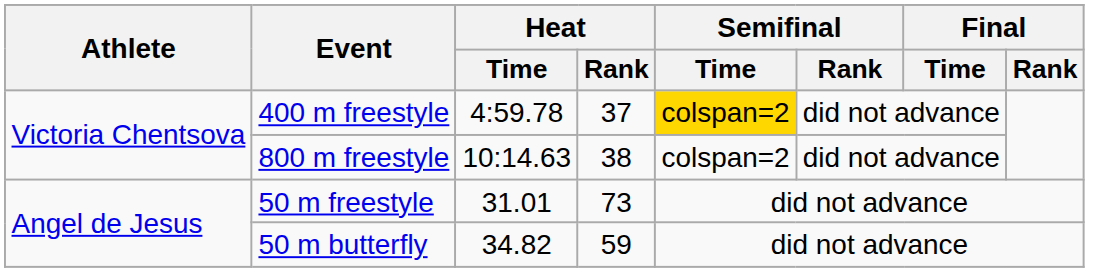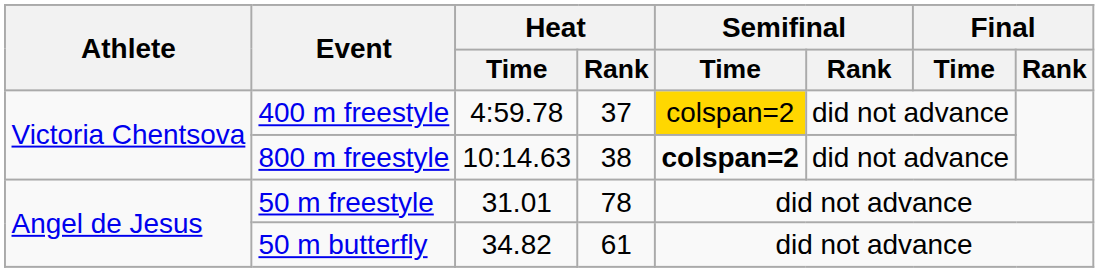 <table class=wikitable style="font-size:90%">
 <tr>
 <th rowspan="2">Athlete</th>
 <th rowspan="2">Event</th>
 <th colspan="2">Heat</th>
 <th colspan="2">Semifinal</th>
 <th colspan="2">Final</th>
 </tr>
 <tr style="font-size:95%">
 <th>Time</th>
 <th>Rank</th>
 <th>Time</th>
 <th>Rank</th>
 <th>Time</th>
 <th>Rank</th>
 </tr>
 <tr align=center>
 <td align=left rowspan=2><a href='#'>Victoria Chentsova</a></td>
 <td align=left><a href='#'>400 m freestyle</a></td>
 <td>4:59.78</td>
 <td>37</td>
 <td style="background: gold;">colspan=2 </td>
 <td colspan=2>did not advance</td>
 </tr>
 <tr align=center>
 <td align=left><a href='#'>800 m freestyle</a></td>
 <td>10:14.63</td>
 <td>38</td>
-<td>colspan=2 </td>
+<td><strong>colspan=2 </strong></td>
 <td colspan=2>did not advance</td>
 </tr>
 <tr align=center>
 <td align=left rowspan=2><a href='#'>Angel de Jesus</a></td>
 <td align=left><a href='#'>50 m freestyle</a></td>
 <td>31.01</td>
-<td>73</td>
+<td>78</td>
 <td colspan=4>did not advance</td>
 </tr>
 <tr align=center>
 <td align=left><a href='#'>50 m butterfly</a></td>
 <td>34.82</td>
-<td>59</td>
+<td>61</td>
 <td colspan=4>did not advance</td>
 </tr>
 </table>
